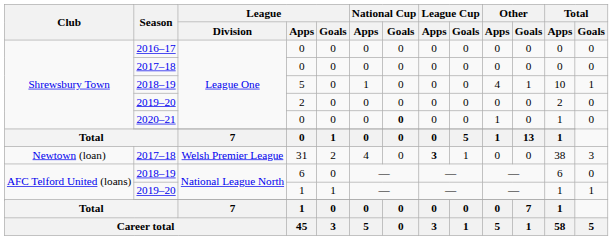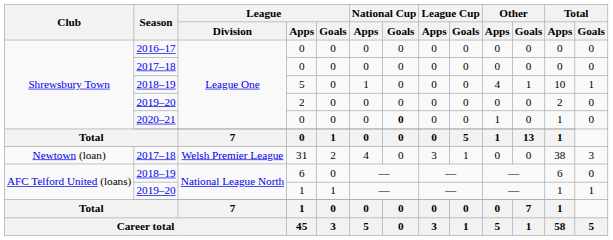 <table class="wikitable" style="text-align:center">
 <tr>
 <th rowspan="2">Club</th>
 <th rowspan="2">Season</th>
 <th colspan="3">League</th>
 <th colspan="2">National Cup</th>
 <th colspan="2">League Cup</th>
 <th colspan="2">Other</th>
 <th colspan="2">Total</th>
 </tr>
 <tr>
 <th>Division</th>
 <th>Apps</th>
 <th>Goals</th>
 <th>Apps</th>
 <th>Goals</th>
 <th>Apps</th>
 <th>Goals</th>
 <th>Apps</th>
 <th>Goals</th>
 <th>Apps</th>
 <th>Goals</th>
 </tr>
 <tr>
 <td rowspan="6"><a href='#'>Shrewsbury Town</a></td>
 <td><a href='#'>2016–17</a></td>
 <td rowspan="5"><a href='#'>League One</a></td>
 <td>0</td>
 <td>0</td>
 <td>0</td>
 <td>0</td>
 <td>0</td>
 <td>0</td>
 <td>0</td>
 <td>0</td>
 <td>0</td>
 <td>0</td>
 </tr>
 <tr>
 <td><a href='#'>2017–18</a></td>
 <td>0</td>
 <td>0</td>
 <td>0</td>
 <td>0</td>
 <td>0</td>
 <td>0</td>
 <td>0</td>
 <td>0</td>
 <td>0</td>
 <td>0</td>
 </tr>
 <tr>
 <td><a href='#'>2018–19</a></td>
 <td>5</td>
 <td>0</td>
 <td>1</td>
 <td>0</td>
 <td>0</td>
 <td>0</td>
 <td>4</td>
 <td>1</td>
 <td>10</td>
 <td>1</td>
 </tr>
 <tr>
 <td><a href='#'>2019–20</a></td>
 <td>2</td>
 <td>0</td>
 <td>0</td>
 <td>0</td>
 <td>0</td>
 <td>0</td>
 <td>0</td>
 <td>0</td>
 <td>2</td>
 <td>0</td>
 </tr>
 <tr>
 <td><a href='#'>2020–21</a></td>
 <td>0</td>
 <td>0</td>
 <td>0</td>
 <td><strong>0</strong></td>
 <td>0</td>
 <td>0</td>
 <td>1</td>
 <td>0</td>
 <td>1</td>
 <td>0</td>
 </tr>
 <tr>
 </tr>
 <tr style="font-weight:bold; background:#f3f3f3">
 <td colspan="2">Total</td>
 <th>7</th>
 <th>0</th>
 <th>1</th>
 <th>0</th>
 <th>0</th>
 <th>0</th>
 <th>5</th>
 <th>1</th>
 <th>13</th>
 <th>1</th>
 </tr>
 <tr>
 <td><a href='#'>Newtown</a> (loan)</td>
 <td><a href='#'>2017–18</a></td>
 <td><a href='#'>Welsh Premier League</a></td>
 <td>31</td>
 <td>2</td>
 <td>4</td>
 <td>0</td>
-<td><strong>3</strong></td>
+<td>3</td>
 <td>1</td>
 <td>0</td>
 <td>0</td>
 <td>38</td>
 <td>3</td>
 </tr>
 <tr>
 <td rowspan="3"><a href='#'>AFC Telford United</a> (loans)</td>
 <td><a href='#'>2018–19</a></td>
 <td rowspan="2"><a href='#'>National League North</a></td>
 <td>6</td>
 <td>0</td>
 <td colspan="2">—</td>
 <td colspan="2">—</td>
 <td colspan="2">—</td>
 <td>6</td>
 <td>0</td>
 </tr>
 <tr>
 <td><a href='#'>2019–20</a></td>
 <td>1</td>
 <td>1</td>
 <td colspan="2">—</td>
 <td colspan="2">—</td>
 <td colspan="2">—</td>
 <td>1</td>
 <td>1</td>
 </tr>
 <tr>
 </tr>
 <tr style="font-weight:bold; background:#f3f3f3">
 <td colspan="2">Total</td>
 <th>7</th>
 <th>1</th>
 <th>0</th>
 <th>0</th>
 <th>0</th>
 <th>0</th>
 <th>0</th>
 <th>0</th>
 <th>7</th>
 <th>1</th>
 </tr>
 <tr>
 <th colspan="3">Career total</th>
 <th>45</th>
 <th>3</th>
 <th>5</th>
 <th>0</th>
 <th>3</th>
 <th>1</th>
 <th>5</th>
 <th>1</th>
 <th>58</th>
 <th>5</th>
 </tr>
 </table>
